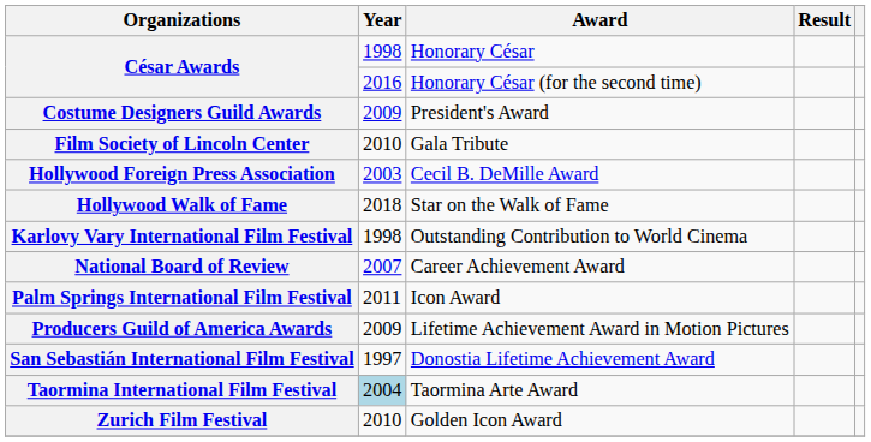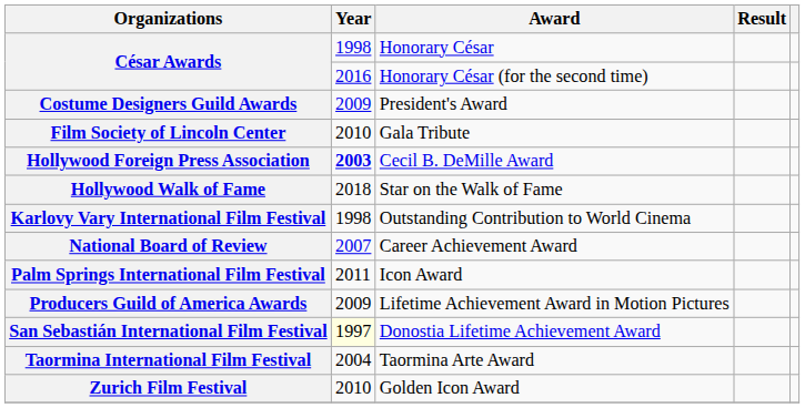 <table class= "wikitable plainrowheaders sortable">
 <tr>
 <th scope="col">Organizations</th>
 <th scope="col">Year</th>
 <th scope="col">Award</th>
 <th scope="col">Result</th>
 <th scope="col" class="unsortable"></th>
 </tr>
 <tr>
 <th scope="row" rowspan=2><a href='#'>César Awards</a></th>
 <td><a href='#'>1998</a></td>
 <td><a href='#'>Honorary César</a></td>
 <td></td>
 <td style="text-align:center;"></td>
 </tr>
 <tr>
 <td><a href='#'>2016</a></td>
 <td><a href='#'>Honorary César</a> (for the second time)</td>
 <td></td>
 <td style="text-align:center;"></td>
 </tr>
 <tr>
 <th scope="row" align="left"><a href='#'>Costume Designers Guild Awards</a></th>
 <td><a href='#'>2009</a></td>
 <td>President's Award</td>
 <td></td>
 <td style="text-align:center;"></td>
 </tr>
 <tr>
 <th scope="row" align="left"><a href='#'>Film Society of Lincoln Center</a></th>
 <td>2010</td>
 <td>Gala Tribute</td>
 <td></td>
 <td style="text-align:center;"></td>
 </tr>
 <tr>
 <th scope="row" aligne="left"><a href='#'>Hollywood Foreign Press Association</a></th>
-<td><a href='#'>2003</a></td>
+<td><strong><a href='#'>2003</a></strong></td>
 <td><a href='#'>Cecil B. DeMille Award</a></td>
 <td></td>
 <td style="text-align:center;"></td>
 </tr>
 <tr>
 <th scope="row" align="left"><a href='#'>Hollywood Walk of Fame</a></th>
 <td>2018</td>
 <td>Star on the Walk of Fame</td>
 <td></td>
 <td style="text-align:center;"></td>
 </tr>
 <tr>
 <th scope="row" align="left"><a href='#'>Karlovy Vary International Film Festival</a></th>
 <td>1998</td>
 <td>Outstanding Contribution to World Cinema</td>
 <td></td>
 <td style="text-align:center;"></td>
 </tr>
 <tr>
 <th scope="row" align="left"><a href='#'>National Board of Review</a></th>
 <td><a href='#'>2007</a></td>
 <td>Career Achievement Award</td>
 <td></td>
 </tr>
 <tr>
 <th scope="row" align="left"><a href='#'>Palm Springs International Film Festival</a></th>
 <td>2011</td>
 <td>Icon Award</td>
 <td></td>
 <td style="text-align:center;"></td>
 </tr>
 <tr>
 <th scope="row" align="left"><a href='#'>Producers Guild of America Awards</a></th>
 <td>2009</td>
 <td>Lifetime Achievement Award in Motion Pictures</td>
 <td></td>
 <td style="text-align:center;"></td>
 </tr>
 <tr>
 <th scope="row" align="left"><a href='#'>San Sebastián International Film Festival</a></th>
-<td>1997</td>
+<td style="background: lightyellow;">1997</td>
 <td><a href='#'>Donostia Lifetime Achievement Award</a></td>
 <td></td>
 <td style="text-align:center;"></td>
 </tr>
 <tr>
 <th scope="row" align="left"><a href='#'>Taormina International Film Festival</a></th>
-<td style="background: lightblue;">2004</td>
+<td>2004</td>
 <td>Taormina Arte Award</td>
 <td></td>
 <td style="text-align:center;"></td>
 </tr>
 <tr>
 <th scope="row" align="left"><a href='#'>Zurich Film Festival</a></th>
 <td>2010</td>
 <td>Golden Icon Award</td>
 <td></td>
 <td style="text-align:center;"></td>
 </tr>
 <tr>
 </tr>
 </table>
